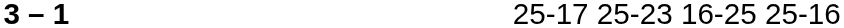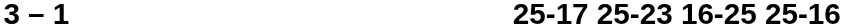 <table width=100% cellspacing=1>
 <tr>
 <th width=20%></th>
 <th width=12%></th>
 <th width=20%></th>
 <th width=33%></th>
 <td></td>
 </tr>
 <tr style=font-size:90%>
 <td align=right><strong></strong></td>
 <td align=center><strong>3 – 1</strong></td>
 <td></td>
-<td>25-17 25-23 16-25 25-16</td>
+<td><strong>25-17 25-23 16-25 25-16</strong></td>
 </tr>
 </table>
